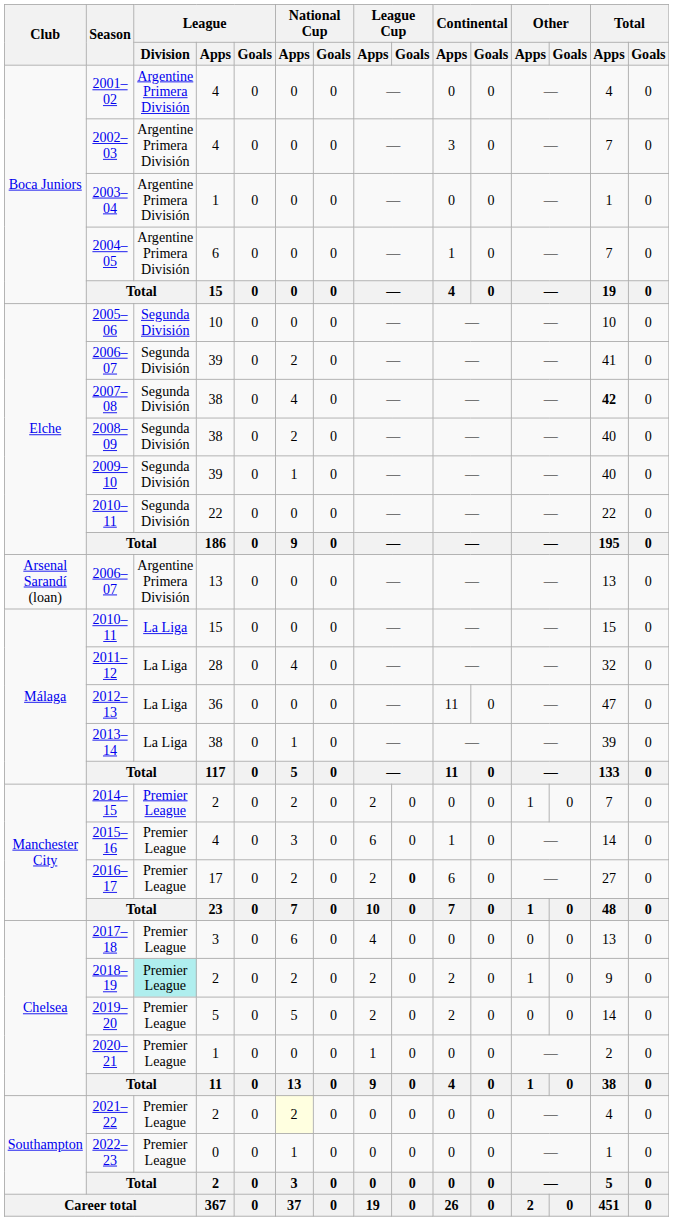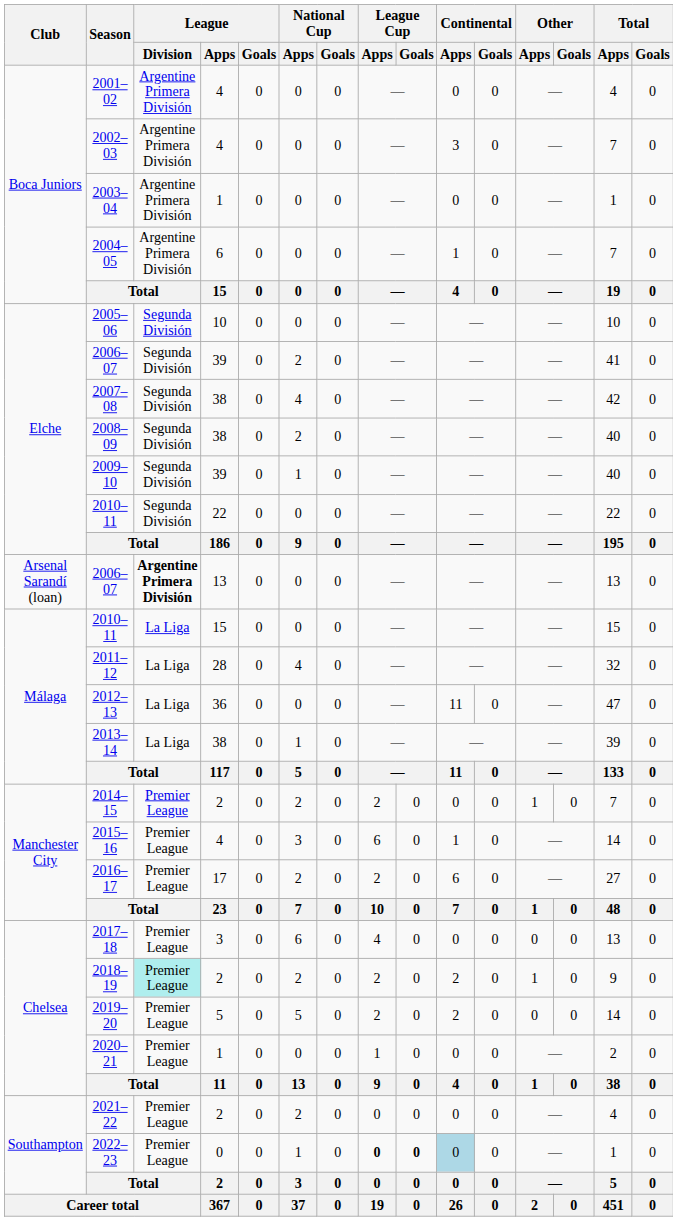 <table class="wikitable" style="text-align: center">
 <tr>
 <th rowspan="2">Club</th>
 <th rowspan="2">Season</th>
 <th colspan="3">League</th>
 <th colspan="2">National Cup</th>
 <th colspan="2">League Cup</th>
 <th colspan="2">Continental</th>
 <th colspan="2">Other</th>
 <th colspan="2">Total</th>
 </tr>
 <tr>
 <th>Division</th>
 <th>Apps</th>
 <th>Goals</th>
 <th>Apps</th>
 <th>Goals</th>
 <th>Apps</th>
 <th>Goals</th>
 <th>Apps</th>
 <th>Goals</th>
 <th>Apps</th>
 <th>Goals</th>
 <th>Apps</th>
 <th>Goals</th>
 </tr>
 <tr>
 <td rowspan="5"><a href='#'>Boca Juniors</a></td>
 <td><a href='#'>2001–02</a></td>
 <td><a href='#'>Argentine Primera División</a></td>
 <td>4</td>
 <td>0</td>
 <td>0</td>
 <td>0</td>
 <td colspan="2">—</td>
 <td>0</td>
 <td>0</td>
 <td colspan="2">—</td>
 <td>4</td>
 <td>0</td>
 </tr>
 <tr>
 <td><a href='#'>2002–03</a></td>
 <td>Argentine Primera División</td>
 <td>4</td>
 <td>0</td>
 <td>0</td>
 <td>0</td>
 <td colspan="2">—</td>
 <td>3</td>
 <td>0</td>
 <td colspan="2">—</td>
 <td>7</td>
 <td>0</td>
 </tr>
 <tr>
 <td><a href='#'>2003–04</a></td>
 <td>Argentine Primera División</td>
 <td>1</td>
 <td>0</td>
 <td>0</td>
 <td>0</td>
 <td colspan="2">—</td>
 <td>0</td>
 <td>0</td>
 <td colspan="2">—</td>
 <td>1</td>
 <td>0</td>
 </tr>
 <tr>
 <td><a href='#'>2004–05</a></td>
 <td>Argentine Primera División</td>
 <td>6</td>
 <td>0</td>
 <td>0</td>
 <td>0</td>
 <td colspan="2">—</td>
 <td>1</td>
 <td>0</td>
 <td colspan="2">—</td>
 <td>7</td>
 <td>0</td>
 </tr>
 <tr>
 <th colspan="2">Total</th>
 <th>15</th>
 <th>0</th>
 <th>0</th>
 <th>0</th>
 <th colspan="2">—</th>
 <th>4</th>
 <th>0</th>
 <th colspan="2">—</th>
 <th>19</th>
 <th>0</th>
 </tr>
 <tr>
 <td rowspan="7"><a href='#'>Elche</a></td>
 <td><a href='#'>2005–06</a></td>
 <td><a href='#'>Segunda División</a></td>
 <td>10</td>
 <td>0</td>
 <td>0</td>
 <td>0</td>
 <td colspan="2">—</td>
 <td colspan="2">—</td>
 <td colspan="2">—</td>
 <td>10</td>
 <td>0</td>
 </tr>
 <tr>
 <td><a href='#'>2006–07</a></td>
 <td>Segunda División</td>
 <td>39</td>
 <td>0</td>
 <td>2</td>
 <td>0</td>
 <td colspan="2">—</td>
 <td colspan="2">—</td>
 <td colspan="2">—</td>
 <td>41</td>
 <td>0</td>
 </tr>
 <tr>
 <td><a href='#'>2007–08</a></td>
 <td>Segunda División</td>
 <td>38</td>
 <td>0</td>
 <td>4</td>
 <td>0</td>
 <td colspan="2">—</td>
 <td colspan="2">—</td>
 <td colspan="2">—</td>
-<td><strong>42</strong></td>
+<td>42</td>
 <td>0</td>
 </tr>
 <tr>
 <td><a href='#'>2008–09</a></td>
 <td>Segunda División</td>
 <td>38</td>
 <td>0</td>
 <td>2</td>
 <td>0</td>
 <td colspan="2">—</td>
 <td colspan="2">—</td>
 <td colspan="2">—</td>
 <td>40</td>
 <td>0</td>
 </tr>
 <tr>
 <td><a href='#'>2009–10</a></td>
 <td>Segunda División</td>
 <td>39</td>
 <td>0</td>
 <td>1</td>
 <td>0</td>
 <td colspan="2">—</td>
 <td colspan="2">—</td>
 <td colspan="2">—</td>
 <td>40</td>
 <td>0</td>
 </tr>
 <tr>
 <td><a href='#'>2010–11</a></td>
 <td>Segunda División</td>
 <td>22</td>
 <td>0</td>
 <td>0</td>
 <td>0</td>
 <td colspan="2">—</td>
 <td colspan="2">—</td>
 <td colspan="2">—</td>
 <td>22</td>
 <td>0</td>
 </tr>
 <tr>
 <th colspan="2">Total</th>
 <th>186</th>
 <th>0</th>
 <th>9</th>
 <th>0</th>
 <th colspan="2">—</th>
 <th colspan="2">—</th>
 <th colspan="2">—</th>
 <th>195</th>
 <th>0</th>
 </tr>
 <tr>
 <td><a href='#'>Arsenal Sarandí</a> (loan)</td>
 <td><a href='#'>2006–07</a></td>
-<td>Argentine Primera División</td>
+<td><strong>Argentine Primera División</strong></td>
 <td>13</td>
 <td>0</td>
 <td>0</td>
 <td>0</td>
 <td colspan="2">—</td>
 <td colspan="2">—</td>
 <td colspan="2">—</td>
 <td>13</td>
 <td>0</td>
 </tr>
 <tr>
 <td rowspan="5"><a href='#'>Málaga</a></td>
 <td><a href='#'>2010–11</a></td>
 <td><a href='#'>La Liga</a></td>
 <td>15</td>
 <td>0</td>
 <td>0</td>
 <td>0</td>
 <td colspan="2">—</td>
 <td colspan="2">—</td>
 <td colspan="2">—</td>
 <td>15</td>
 <td>0</td>
 </tr>
 <tr>
 <td><a href='#'>2011–12</a></td>
 <td>La Liga</td>
 <td>28</td>
 <td>0</td>
 <td>4</td>
 <td>0</td>
 <td colspan="2">—</td>
 <td colspan="2">—</td>
 <td colspan="2">—</td>
 <td>32</td>
 <td>0</td>
 </tr>
 <tr>
 <td><a href='#'>2012–13</a></td>
 <td>La Liga</td>
 <td>36</td>
 <td>0</td>
 <td>0</td>
 <td>0</td>
 <td colspan="2">—</td>
 <td>11</td>
 <td>0</td>
 <td colspan="2">—</td>
 <td>47</td>
 <td>0</td>
 </tr>
 <tr>
 <td><a href='#'>2013–14</a></td>
 <td>La Liga</td>
 <td>38</td>
 <td>0</td>
 <td>1</td>
 <td>0</td>
 <td colspan="2">—</td>
 <td colspan="2">—</td>
 <td colspan="2">—</td>
 <td>39</td>
 <td>0</td>
 </tr>
 <tr>
 <th colspan="2">Total</th>
 <th>117</th>
 <th>0</th>
 <th>5</th>
 <th>0</th>
 <th colspan="2">—</th>
 <th>11</th>
 <th>0</th>
 <th colspan="2">—</th>
 <th>133</th>
 <th>0</th>
 </tr>
 <tr>
 <td rowspan="4"><a href='#'>Manchester City</a></td>
 <td><a href='#'>2014–15</a></td>
 <td><a href='#'>Premier League</a></td>
 <td>2</td>
 <td>0</td>
 <td>2</td>
 <td>0</td>
 <td>2</td>
 <td>0</td>
 <td>0</td>
 <td>0</td>
 <td>1</td>
 <td>0</td>
 <td>7</td>
 <td>0</td>
 </tr>
 <tr>
 <td><a href='#'>2015–16</a></td>
 <td>Premier League</td>
 <td>4</td>
 <td>0</td>
 <td>3</td>
 <td>0</td>
 <td>6</td>
 <td>0</td>
 <td>1</td>
 <td>0</td>
 <td colspan="2">—</td>
 <td>14</td>
 <td>0</td>
 </tr>
 <tr>
 <td><a href='#'>2016–17</a></td>
 <td>Premier League</td>
 <td>17</td>
 <td>0</td>
 <td>2</td>
 <td>0</td>
 <td>2</td>
-<td><strong>0</strong></td>
+<td>0</td>
 <td>6</td>
 <td>0</td>
 <td colspan="2">—</td>
 <td>27</td>
 <td>0</td>
 </tr>
 <tr>
 <th colspan="2">Total</th>
 <th>23</th>
 <th>0</th>
 <th>7</th>
 <th>0</th>
 <th>10</th>
 <th>0</th>
 <th>7</th>
 <th>0</th>
 <th>1</th>
 <th>0</th>
 <th>48</th>
 <th>0</th>
 </tr>
 <tr>
 <td rowspan="5"><a href='#'>Chelsea</a></td>
 <td><a href='#'>2017–18</a></td>
 <td>Premier League</td>
 <td>3</td>
 <td>0</td>
 <td>6</td>
 <td>0</td>
 <td>4</td>
 <td>0</td>
 <td>0</td>
 <td>0</td>
 <td>0</td>
 <td>0</td>
 <td>13</td>
 <td>0</td>
 </tr>
 <tr>
 <td><a href='#'>2018–19</a></td>
 <td style="background: paleturquoise;">Premier League</td>
 <td>2</td>
 <td>0</td>
 <td>2</td>
 <td>0</td>
 <td>2</td>
 <td>0</td>
 <td>2</td>
 <td>0</td>
 <td>1</td>
 <td>0</td>
 <td>9</td>
 <td>0</td>
 </tr>
 <tr>
 <td><a href='#'>2019–20</a></td>
 <td>Premier League</td>
 <td>5</td>
 <td>0</td>
 <td>5</td>
 <td>0</td>
 <td>2</td>
 <td>0</td>
 <td>2</td>
 <td>0</td>
 <td>0</td>
 <td>0</td>
 <td>14</td>
 <td>0</td>
 </tr>
 <tr>
 <td><a href='#'>2020–21</a></td>
 <td>Premier League</td>
 <td>1</td>
 <td>0</td>
 <td>0</td>
 <td>0</td>
 <td>1</td>
 <td>0</td>
 <td>0</td>
 <td>0</td>
 <td colspan="2">—</td>
 <td>2</td>
 <td>0</td>
 </tr>
 <tr>
 <th colspan="2">Total</th>
 <th>11</th>
 <th>0</th>
 <th>13</th>
 <th>0</th>
 <th>9</th>
 <th>0</th>
 <th>4</th>
 <th>0</th>
 <th>1</th>
 <th>0</th>
 <th>38</th>
 <th>0</th>
 </tr>
 <tr>
 <td rowspan=3><a href='#'>Southampton</a></td>
 <td><a href='#'>2021–22</a></td>
 <td>Premier League</td>
 <td>2</td>
 <td>0</td>
-<td style="background: lightyellow;">2</td>
+<td>2</td>
 <td>0</td>
 <td>0</td>
 <td>0</td>
 <td>0</td>
 <td>0</td>
 <td colspan=2>—</td>
 <td>4</td>
 <td>0</td>
 </tr>
 <tr>
 <td><a href='#'>2022–23</a></td>
 <td>Premier League</td>
 <td>0</td>
 <td>0</td>
 <td>1</td>
 <td>0</td>
-<td>0</td>
-<td>0</td>
-<td>0</td>
+<td><strong>0</strong></td>
+<td><strong>0</strong></td>
+<td style="background: lightblue;">0</td>
 <td>0</td>
 <td colspan=2>—</td>
 <td>1</td>
 <td>0</td>
 </tr>
 <tr>
 <th colspan="2">Total</th>
 <th>2</th>
 <th>0</th>
 <th>3</th>
 <th>0</th>
 <th>0</th>
 <th>0</th>
 <th>0</th>
 <th>0</th>
 <th colspan=2>—</th>
 <th>5</th>
 <th>0</th>
 </tr>
 <tr>
 <th colspan="3">Career total</th>
 <th>367</th>
 <th>0</th>
 <th>37</th>
 <th>0</th>
 <th>19</th>
 <th>0</th>
 <th>26</th>
 <th>0</th>
 <th>2</th>
 <th>0</th>
 <th>451</th>
 <th>0</th>
 </tr>
 </table>
